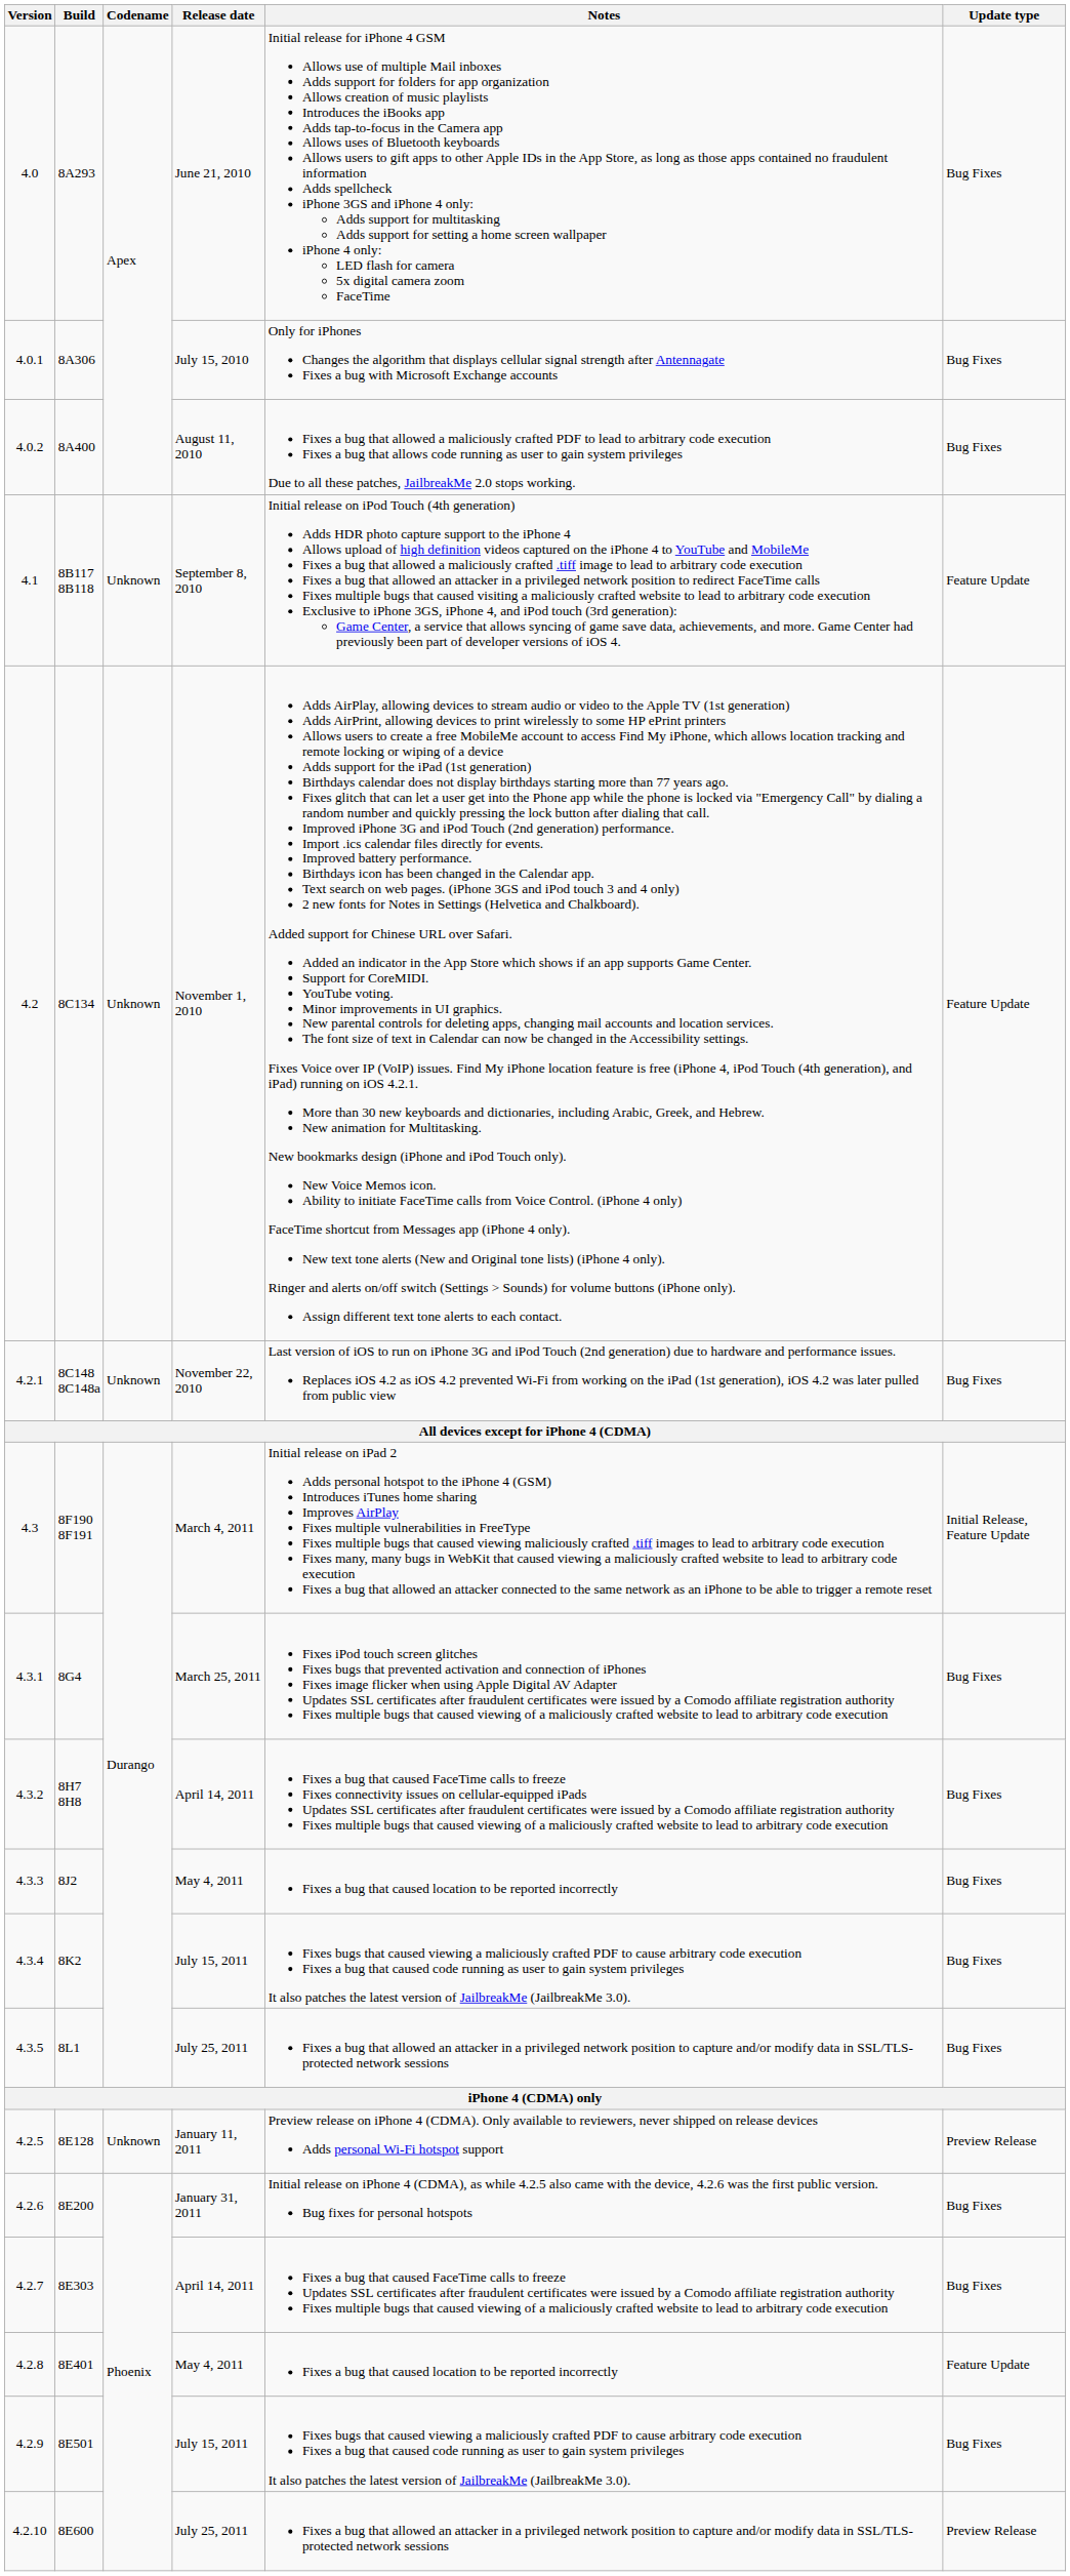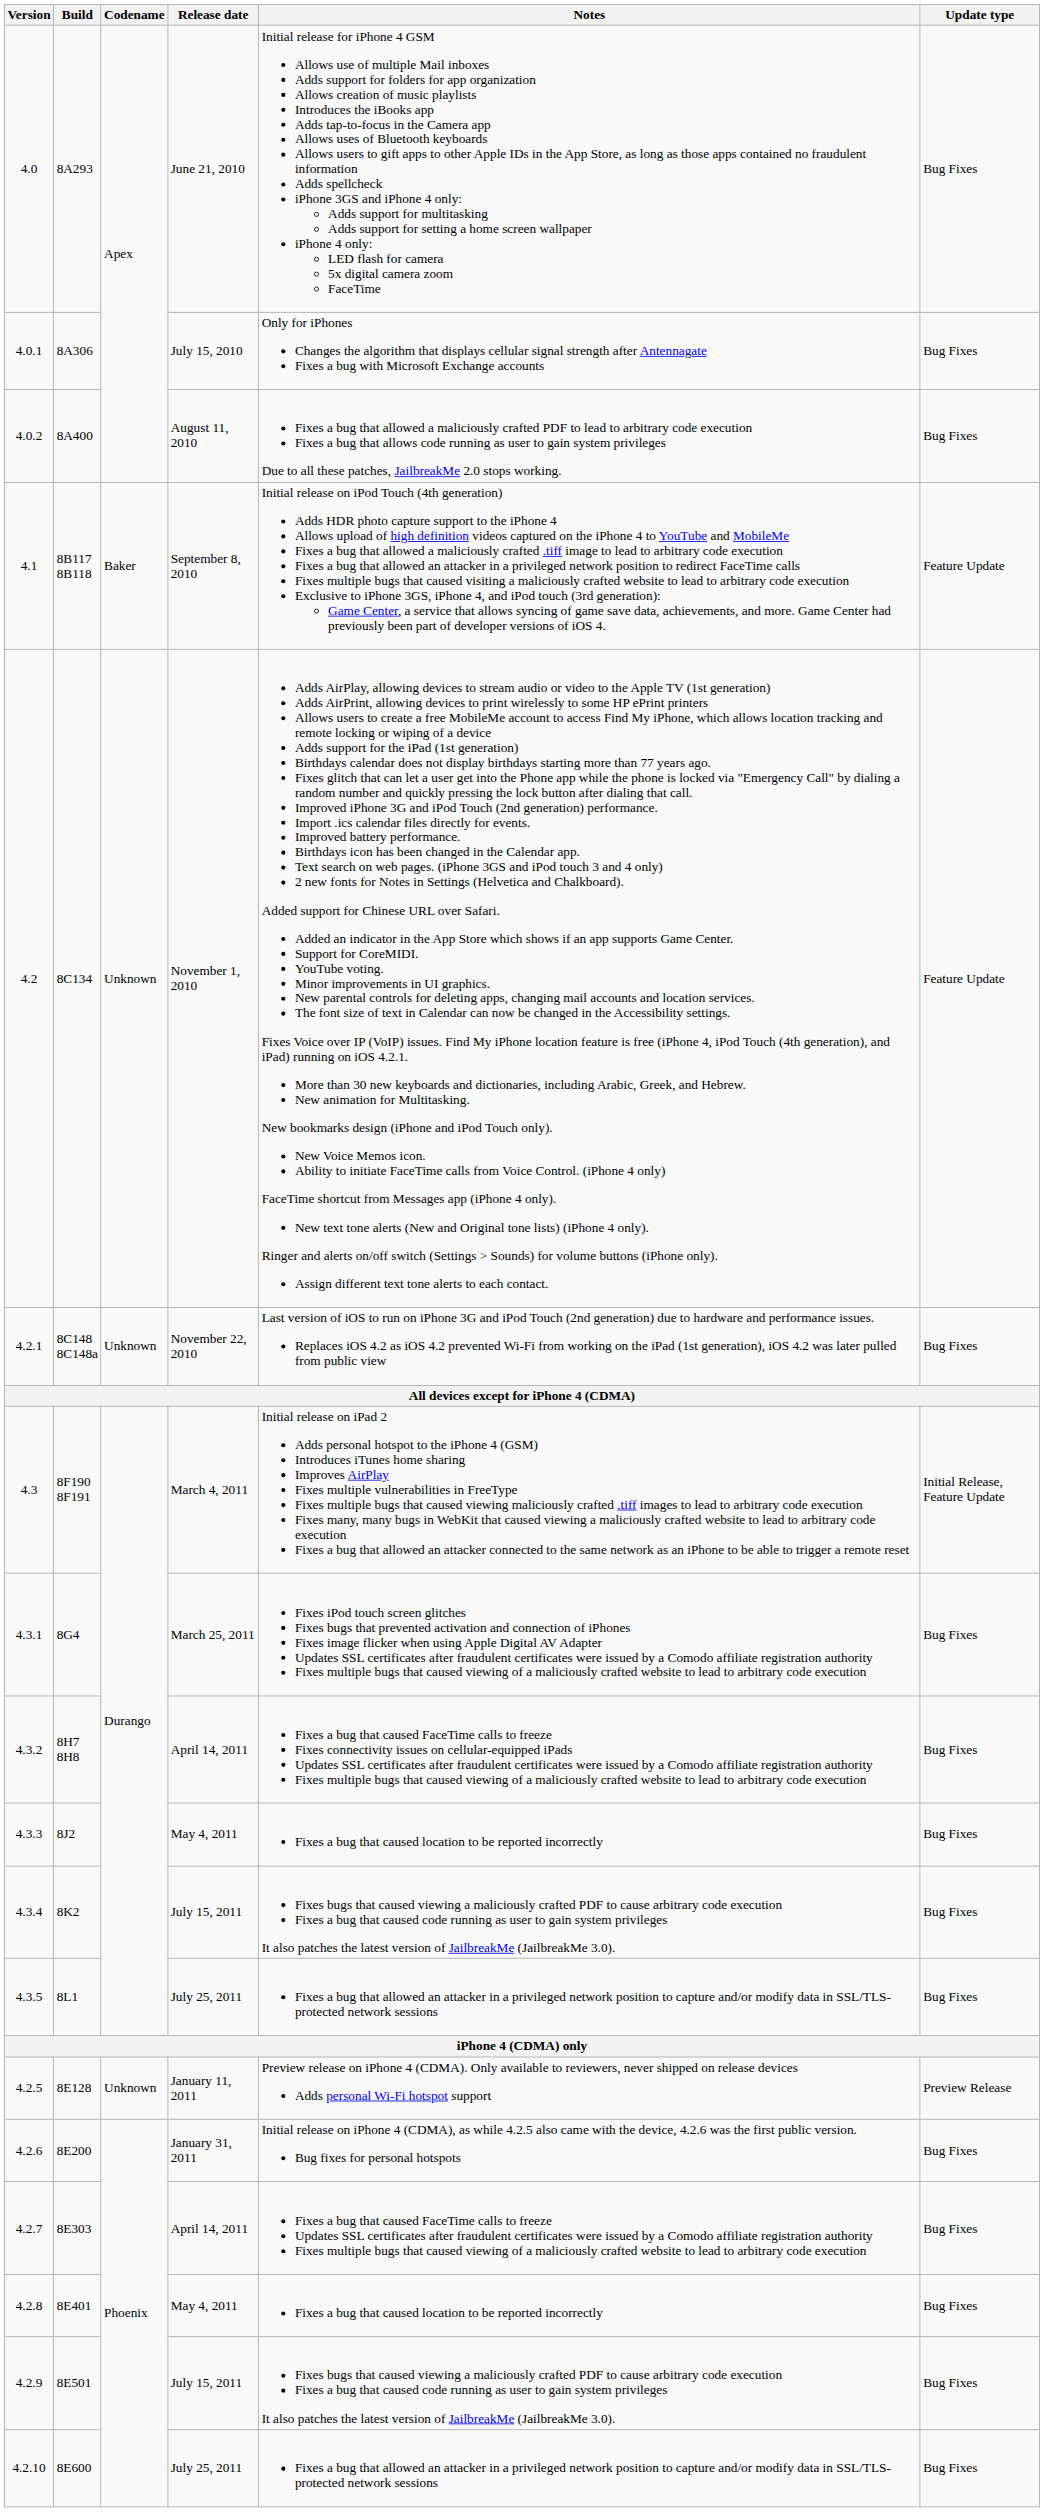 <table class="wikitable">
 <tr>
 <th>Version</th>
 <th>Build</th>
 <th>Codename</th>
 <th>Release date</th>
 <th>Notes</th>
 <th>Update type</th>
 </tr>
 <tr>
 <td style="text-align: center;">4.0</td>
 <td>8A293</td>
 <td rowspan="3">Apex</td>
 <td>June 21, 2010</td>
 <td>Initial release for iPhone 4 GSM<br><ul><li>Allows use of multiple Mail inboxes</li><li>Adds support for folders for app organization</li><li>Allows creation of music playlists</li><li>Introduces the iBooks app</li><li>Adds tap-to-focus in the Camera app</li><li>Allows uses of Bluetooth keyboards</li><li>Allows users to gift apps to other Apple IDs in the App Store, as long as those apps contained no fraudulent information</li><li>Adds spellcheck</li><li>iPhone 3GS and iPhone 4 only:<ul><li>Adds support for multitasking</li><li>Adds support for setting a home screen wallpaper</li></ul></li><li>iPhone 4 only:<ul><li>LED flash for camera</li><li>5x digital camera zoom</li><li>FaceTime</li></ul></li></ul></td>
 <td>Bug Fixes</td>
 </tr>
 <tr>
 <td style="text-align: center;">4.0.1</td>
 <td>8A306</td>
 <td>July 15, 2010</td>
 <td>Only for iPhones<br><ul><li>Changes the algorithm that displays cellular signal strength after <a href='#'>Antennagate</a></li><li>Fixes a bug with Microsoft Exchange accounts</li></ul></td>
 <td>Bug Fixes</td>
 </tr>
 <tr>
 <td style="text-align: center;">4.0.2</td>
 <td>8A400</td>
 <td>August 11, 2010</td>
 <td><br><ul><li>Fixes a bug that allowed a maliciously crafted PDF to lead to arbitrary code execution</li><li>Fixes a bug that allows code running as user to gain system privileges</li></ul>Due to all these patches, <a href='#'>JailbreakMe</a> 2.0 stops working.</td>
 <td>Bug Fixes</td>
 </tr>
 <tr>
 <td style="text-align: center;">4.1</td>
 <td>8B117<br>8B118</td>
-<td>Unknown</td>
+<td>Baker</td>
 <td>September 8, 2010</td>
 <td>Initial release on iPod Touch (4th generation)<br><ul><li>Adds HDR photo capture support to the iPhone 4</li><li>Allows upload of <a href='#'>high definition</a> videos captured on the iPhone 4 to <a href='#'>YouTube</a> and <a href='#'>MobileMe</a></li><li>Fixes a bug that allowed a maliciously crafted <a href='#'>.tiff</a> image to lead to arbitrary code execution</li><li>Fixes a bug that allowed an attacker in a privileged network position to redirect FaceTime calls</li><li>Fixes multiple bugs that caused visiting a maliciously crafted website to lead to arbitrary code execution</li><li>Exclusive to iPhone 3GS, iPhone 4, and iPod touch (3rd generation):<ul><li><a href='#'>Game Center</a>, a service that allows syncing of game save data, achievements, and more. Game Center had previously been part of developer versions of iOS 4.</li></ul></li></ul></td>
 <td>Feature Update</td>
 </tr>
 <tr>
 <td style="text-align: center;">4.2</td>
 <td>8C134</td>
 <td>Unknown</td>
 <td>November 1, 2010</td>
 <td><br><ul><li>Adds AirPlay, allowing devices to stream audio or video to the Apple TV (1st generation)</li><li>Adds AirPrint, allowing devices to print wirelessly to some HP ePrint printers</li><li>Allows users to create a free MobileMe account to access Find My iPhone, which allows location tracking and remote locking or wiping of a device</li><li>Adds support for the iPad (1st generation)</li><li>Birthdays calendar does not display birthdays starting more than 77 years ago.</li><li>Fixes glitch that can let a user get into the Phone app while the phone is locked via "Emergency Call" by dialing a random number and quickly pressing the lock button after dialing that call.</li><li>Improved iPhone 3G and iPod Touch (2nd generation) performance.</li><li>Import .ics calendar files directly for events.</li><li>Improved battery performance.</li><li>Birthdays icon has been changed in the Calendar app.</li><li>Text search on web pages. (iPhone 3GS and iPod touch 3 and 4 only)</li><li>2 new fonts for Notes in Settings (Helvetica and Chalkboard).</li></ul>Added support for Chinese URL over Safari.<ul><li>Added an indicator in the App Store which shows if an app supports Game Center.</li><li>Support for CoreMIDI.</li><li>YouTube voting.</li><li>Minor improvements in UI graphics.</li><li>New parental controls for deleting apps, changing mail accounts and location services. </li><li>The font size of text in Calendar can now be changed in the Accessibility settings.</li></ul>Fixes Voice over IP (VoIP) issues. Find My iPhone location feature is free (iPhone 4, iPod Touch (4th generation), and iPad) running on iOS 4.2.1.<ul><li>More than 30 new keyboards and dictionaries, including Arabic, Greek, and Hebrew.</li><li>New animation for Multitasking.</li></ul>New bookmarks design (iPhone and iPod Touch only).<ul><li>New Voice Memos icon.</li><li>Ability to initiate FaceTime calls from Voice Control. (iPhone 4 only)</li></ul>FaceTime shortcut from Messages app (iPhone 4 only).<ul><li>New text tone alerts (New and Original tone lists) (iPhone 4 only).</li></ul>Ringer and alerts on/off switch (Settings > Sounds) for volume buttons (iPhone only).<ul><li>Assign different text tone alerts to each contact.</li></ul></td>
 <td>Feature Update</td>
 </tr>
 <tr>
 <td style="text-align: center;">4.2.1</td>
 <td>8C148<br>8C148a</td>
 <td>Unknown</td>
 <td>November 22, 2010</td>
 <td>Last version of iOS to run on iPhone 3G and iPod Touch (2nd generation) due to hardware and performance issues.<br><ul><li>Replaces iOS 4.2 as iOS 4.2 prevented Wi-Fi from working on the iPad (1st generation), iOS 4.2 was later pulled from public view</li></ul></td>
 <td>Bug Fixes</td>
 </tr>
 <tr>
 <th colspan="6">All devices except for iPhone 4 (CDMA)</th>
 </tr>
 <tr>
 <td style="text-align: center;">4.3</td>
 <td>8F190<br>8F191</td>
 <td rowspan="6">Durango</td>
 <td>March 4, 2011</td>
 <td>Initial release on iPad 2<br><ul><li>Adds personal hotspot to the iPhone 4 (GSM)</li><li>Introduces iTunes home sharing</li><li>Improves <a href='#'>AirPlay</a></li><li>Fixes multiple vulnerabilities in FreeType</li><li>Fixes multiple bugs that caused viewing maliciously crafted <a href='#'>.tiff</a> images to lead to arbitrary code execution</li><li>Fixes many, many bugs in WebKit that caused viewing a maliciously crafted website to lead to arbitrary code execution</li><li>Fixes a bug that allowed an attacker connected to the same network as an iPhone to be able to trigger a remote reset</li></ul></td>
 <td>Initial Release, Feature Update</td>
 </tr>
 <tr>
 <td style="text-align: center;">4.3.1</td>
 <td>8G4</td>
 <td>March 25, 2011</td>
 <td><br><ul><li>Fixes iPod touch screen glitches</li><li>Fixes bugs that prevented activation and connection of iPhones</li><li>Fixes image flicker when using Apple Digital AV Adapter</li><li>Updates SSL certificates after fraudulent certificates were issued by a Comodo affiliate registration authority</li><li>Fixes multiple bugs that caused viewing of a maliciously crafted website to lead to arbitrary code execution</li></ul></td>
 <td>Bug Fixes</td>
 </tr>
 <tr>
 <td style="text-align: center;">4.3.2</td>
 <td>8H7<br>8H8</td>
 <td>April 14, 2011</td>
 <td><br><ul><li>Fixes a bug that caused FaceTime calls to freeze</li><li>Fixes connectivity issues on cellular-equipped iPads</li><li>Updates SSL certificates after fraudulent certificates were issued by a Comodo affiliate registration authority</li><li>Fixes multiple bugs that caused viewing of a maliciously crafted website to lead to arbitrary code execution</li></ul></td>
 <td>Bug Fixes</td>
 </tr>
 <tr>
 <td style="text-align: center;">4.3.3</td>
 <td>8J2</td>
 <td>May 4, 2011</td>
 <td><br><ul><li>Fixes a bug that caused location to be reported incorrectly</li></ul></td>
 <td>Bug Fixes</td>
 </tr>
 <tr>
 <td style="text-align: center;">4.3.4</td>
 <td>8K2</td>
 <td>July 15, 2011</td>
 <td><br><ul><li>Fixes bugs that caused viewing a maliciously crafted PDF to cause arbitrary code execution</li><li>Fixes a bug that caused code running as user to gain system privileges</li></ul>It also patches the latest version of <a href='#'>JailbreakMe</a> (JailbreakMe 3.0).</td>
 <td>Bug Fixes</td>
 </tr>
 <tr>
 <td style="text-align: center;">4.3.5</td>
 <td>8L1</td>
 <td>July 25, 2011</td>
 <td><br><ul><li>Fixes a bug that allowed an attacker in a privileged network position to capture and/or modify data in SSL/TLS-protected network sessions</li></ul></td>
 <td>Bug Fixes</td>
 </tr>
 <tr>
 <th colspan="6">iPhone 4 (CDMA) only</th>
 </tr>
 <tr>
 <td style="text-align: center;">4.2.5</td>
 <td>8E128</td>
 <td>Unknown</td>
 <td>January 11, 2011</td>
 <td>Preview release on iPhone 4 (CDMA). Only available to reviewers, never shipped on release devices<br><ul><li>Adds <a href='#'>personal Wi-Fi hotspot</a> support</li></ul></td>
 <td>Preview Release</td>
 </tr>
 <tr>
 <td style="text-align: center;">4.2.6</td>
 <td>8E200</td>
 <td rowspan="5">Phoenix</td>
 <td>January 31, 2011</td>
 <td>Initial release on iPhone 4 (CDMA), as while 4.2.5 also came with the device, 4.2.6 was the first public version.<br><ul><li>Bug fixes for personal hotspots</li></ul></td>
 <td>Bug Fixes</td>
 </tr>
 <tr>
 <td style="text-align: center;">4.2.7</td>
 <td>8E303</td>
 <td>April 14, 2011</td>
 <td><br><ul><li>Fixes a bug that caused FaceTime calls to freeze</li><li>Updates SSL certificates after fraudulent certificates were issued by a Comodo affiliate registration authority</li><li>Fixes multiple bugs that caused viewing of a maliciously crafted website to lead to arbitrary code execution</li></ul></td>
 <td>Bug Fixes</td>
 </tr>
 <tr>
 <td style="text-align: center;">4.2.8</td>
 <td>8E401</td>
 <td>May 4, 2011</td>
 <td><br><ul><li>Fixes a bug that caused location to be reported incorrectly</li></ul></td>
-<td>Feature Update</td>
+<td>Bug Fixes</td>
 </tr>
 <tr>
 <td style="text-align: center;">4.2.9</td>
 <td>8E501</td>
 <td>July 15, 2011</td>
 <td><br><ul><li>Fixes bugs that caused viewing a maliciously crafted PDF to cause arbitrary code execution</li><li>Fixes a bug that caused code running as user to gain system privileges</li></ul>It also patches the latest version of <a href='#'>JailbreakMe</a> (JailbreakMe 3.0).</td>
 <td>Bug Fixes</td>
 </tr>
 <tr>
 <td style="text-align: center;">4.2.10</td>
 <td>8E600</td>
 <td>July 25, 2011</td>
 <td><br><ul><li>Fixes a bug that allowed an attacker in a privileged network position to capture and/or modify data in SSL/TLS-protected network sessions</li></ul></td>
-<td>Preview Release</td>
+<td>Bug Fixes</td>
 </tr>
 </table>
